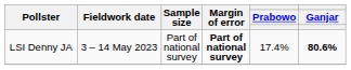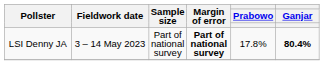 <table class="wikitable" style="text-align:center; font-size:90%; line-height:14px;">
 <tr bgcolor=lightgray>
 <th style="width:95px;" rowspan="3">Pollster</th>
 <th style="width:110px;" rowspan="3">Fieldwork date</th>
 <th style="width:35px;" rowspan="3">Sample size</th>
 <th rowspan="3" style="width:60px;">Margin of error</th>
 <th style="width:60px;"></th>
 <th style="width:60px;"></th>
 </tr>
 <tr>
 <th><a href='#'>Prabowo</a> <br></th>
 <th><a href='#'>Ganjar</a> <br></th>
 </tr>
 <tr>
 <th class="unsortable" style="color:inherit;background:"></th>
 <th class="unsortable" style="color:inherit;background:"></th>
 </tr>
 <tr>
 <td>LSI Denny JA</td>
 <td>3 – 14 May 2023</td>
 <td>Part of national survey</td>
 <td><strong>Part of national survey</strong></td>
-<td>17.4%</td>
-<td style="background-color:#"><strong>80.6%</strong></td>
+<td>17.8%</td>
+<td style="background-color:#"><strong>80.4%</strong></td>
 </tr>
 <tr>
 </tr>
 </table>
